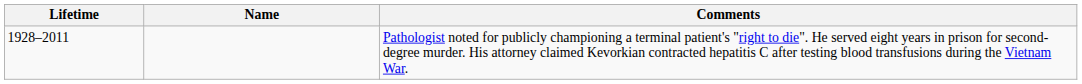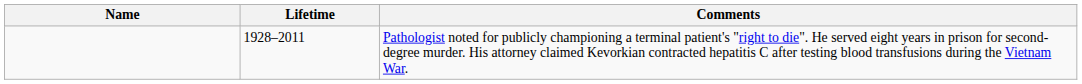 <table class="sortable wikitable">
 <tr>
+<th width="22%" scope=col>Name</th>
 <th width="13%" scope=col>Lifetime</th>
-<th width="22%" scope=col>Name</th>
 <th class="unsortable" width="65%" scope=col>Comments</th>
 </tr>
 <tr valign="top">
+<td></td>
 <td>1928–2011</td>
-<td></td>
 <td><a href='#'>Pathologist</a> noted for publicly championing a terminal patient's "<a href='#'>right to die</a>". He served eight years in prison for second-degree murder. His attorney claimed Kevorkian contracted hepatitis C after testing blood transfusions during the <a href='#'>Vietnam War</a>.</td>
 </tr>
 </table>
